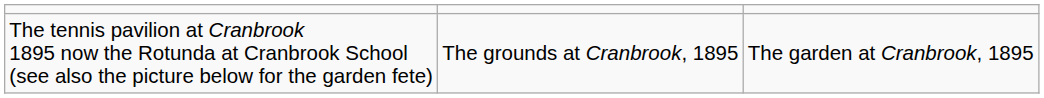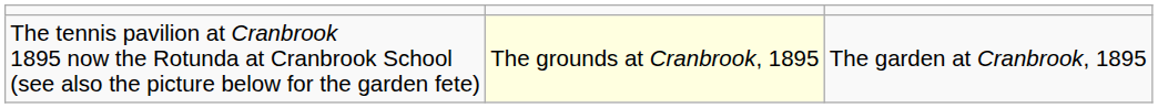 <table class="wikitable" border="1">
 <tr>
 <td></td>
 <td></td>
 <td></td>
 </tr>
 <tr>
 <td>The tennis pavilion at <em>Cranbrook</em><br>1895 now the Rotunda at Cranbrook School<br>(see also the picture below for the garden fete)</td>
-<td>The grounds at <em>Cranbrook</em>, 1895</td>
+<td style="background: lightyellow;">The grounds at <em>Cranbrook</em>, 1895</td>
 <td>The garden at <em>Cranbrook</em>, 1895</td>
 </tr>
 </table>
